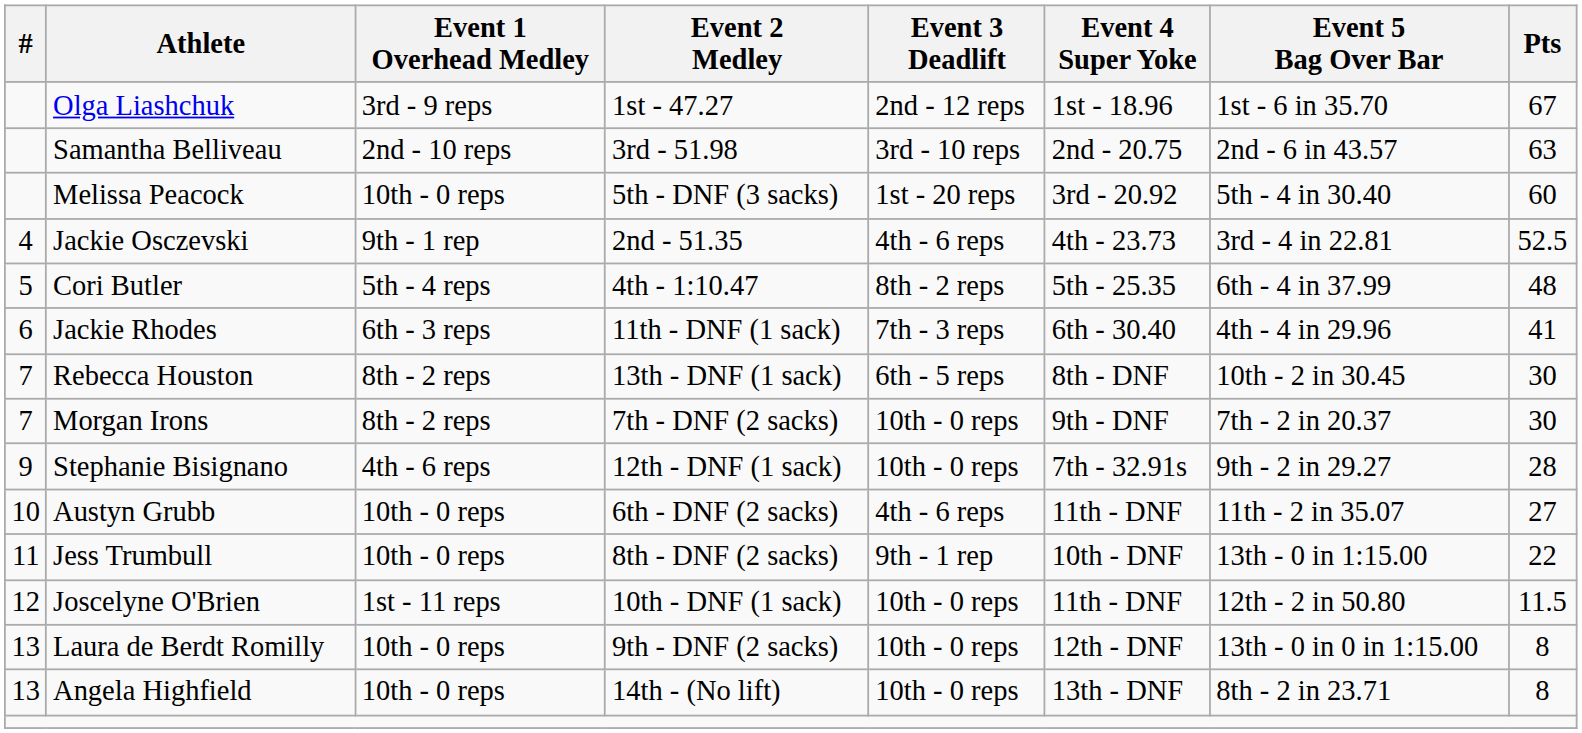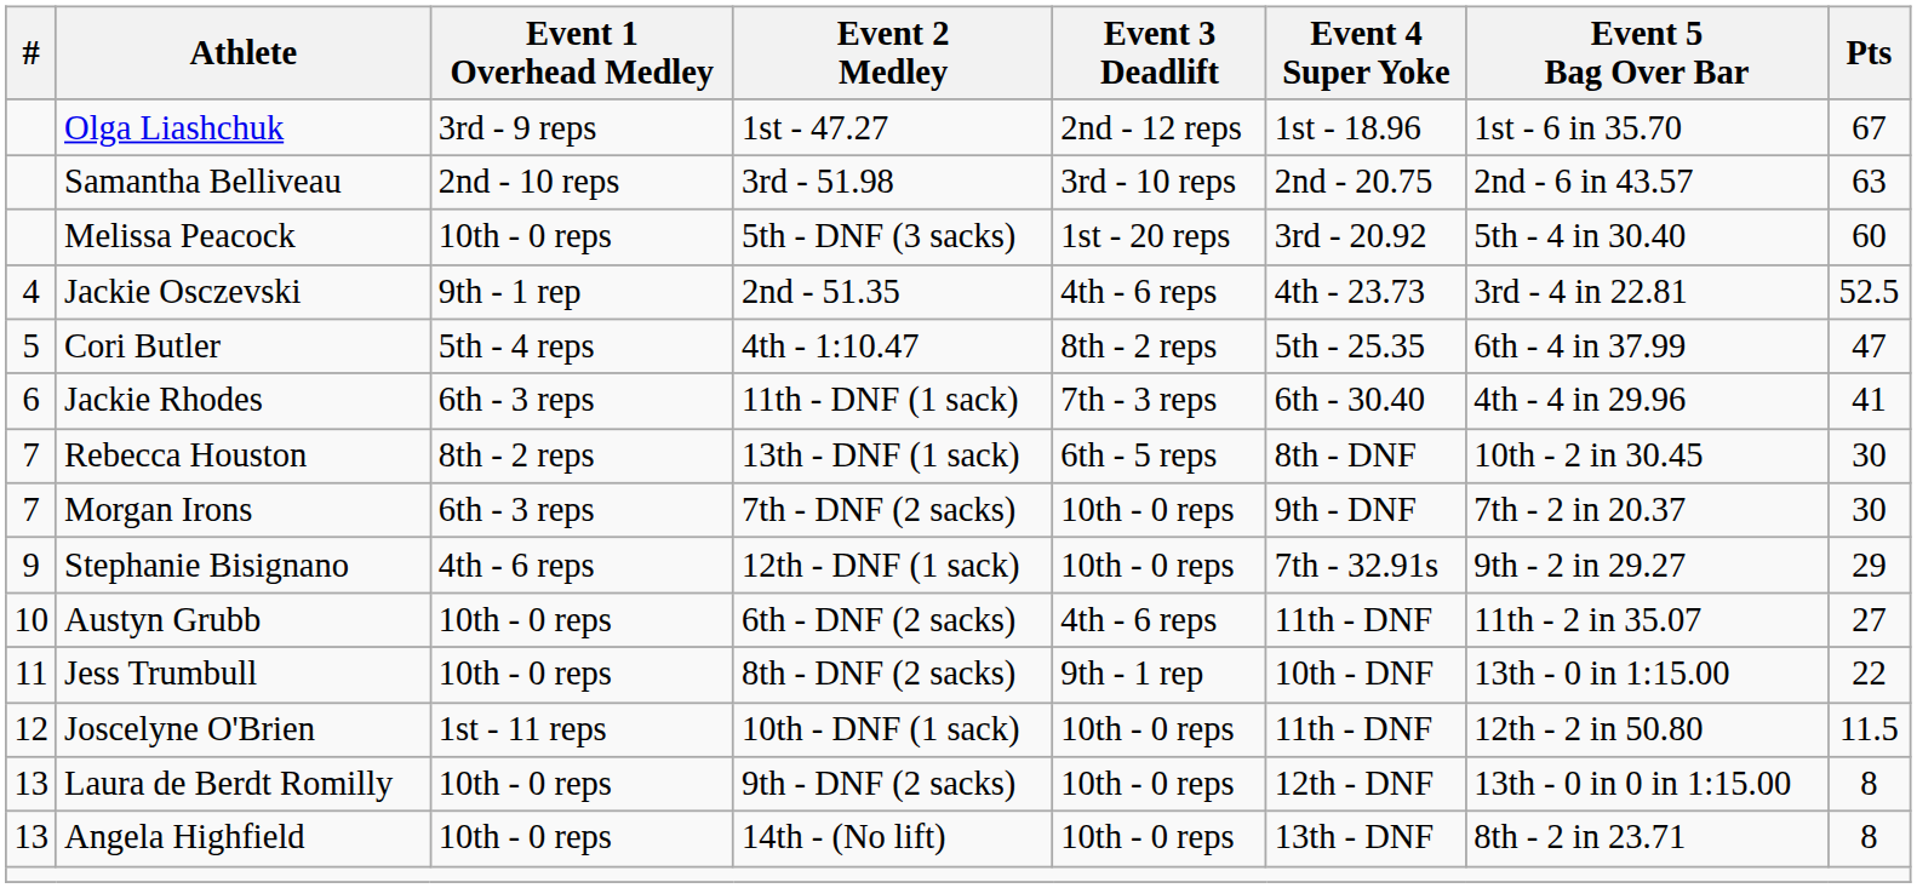 <table class="wikitable sortable" style="display: inline-table;width: 100%;">
 <tr>
 <th scope="col" style="width: 10px;">#</th>
 <th scope="col">Athlete</th>
 <th scope="col">Event 1<br>Overhead Medley</th>
 <th scope="col">Event 2<br>Medley</th>
 <th scope="col">Event 3<br>Deadlift</th>
 <th scope="col">Event 4<br>Super Yoke</th>
 <th scope="col">Event 5<br>Bag Over Bar</th>
 <th scope="col">Pts</th>
 </tr>
 <tr>
 <td align=center></td>
 <td> <a href='#'>Olga Liashchuk</a></td>
 <td>3rd - 9 reps</td>
 <td>1st - 47.27</td>
 <td>2nd - 12 reps</td>
 <td>1st - 18.96</td>
 <td>1st - 6 in 35.70</td>
 <td align=center>67</td>
 </tr>
 <tr>
 <td align=center></td>
 <td> Samantha Belliveau</td>
 <td>2nd - 10 reps</td>
 <td>3rd - 51.98</td>
 <td>3rd - 10 reps</td>
 <td>2nd - 20.75</td>
 <td>2nd - 6 in 43.57</td>
 <td align=center>63</td>
 </tr>
 <tr>
 <td align=center></td>
 <td> Melissa Peacock</td>
 <td>10th - 0 reps</td>
 <td>5th - DNF (3 sacks)</td>
 <td>1st - 20 reps</td>
 <td>3rd - 20.92</td>
 <td>5th - 4 in 30.40</td>
 <td align=center>60</td>
 </tr>
 <tr>
 <td align=center>4</td>
 <td> Jackie Osczevski</td>
 <td>9th - 1 rep</td>
 <td>2nd - 51.35</td>
 <td>4th - 6 reps</td>
 <td>4th - 23.73</td>
 <td>3rd - 4 in 22.81</td>
 <td align=center>52.5</td>
 </tr>
 <tr>
 <td align=center>5</td>
 <td> Cori Butler</td>
 <td>5th - 4 reps</td>
 <td>4th - 1:10.47</td>
 <td>8th - 2 reps</td>
 <td>5th - 25.35</td>
 <td>6th - 4 in 37.99</td>
-<td align=center>48</td>
+<td align=center>47</td>
 </tr>
 <tr>
 <td align=center>6</td>
 <td> Jackie Rhodes</td>
 <td>6th - 3 reps</td>
 <td>11th - DNF (1 sack)</td>
 <td>7th - 3 reps</td>
 <td>6th - 30.40</td>
 <td>4th - 4 in 29.96</td>
 <td align=center>41</td>
 </tr>
 <tr>
 <td align=center>7</td>
 <td>Rebecca Houston</td>
 <td>8th - 2 reps</td>
 <td>13th - DNF (1 sack)</td>
 <td>6th - 5 reps</td>
 <td>8th - DNF</td>
 <td>10th - 2 in 30.45</td>
 <td align=center>30</td>
 </tr>
 <tr>
 <td align=center>7</td>
 <td> Morgan Irons</td>
-<td>8th - 2 reps</td>
+<td>6th - 3 reps</td>
 <td>7th - DNF (2 sacks)</td>
 <td>10th - 0 reps</td>
 <td>9th - DNF</td>
 <td>7th - 2 in 20.37</td>
 <td align=center>30</td>
 </tr>
 <tr>
 <td align=center>9</td>
 <td> Stephanie Bisignano</td>
 <td>4th - 6 reps</td>
 <td>12th - DNF (1 sack)</td>
 <td>10th - 0 reps</td>
 <td>7th - 32.91s</td>
 <td>9th - 2 in 29.27</td>
-<td align=center>28</td>
+<td align=center>29</td>
 </tr>
 <tr>
 <td align=center>10</td>
 <td> Austyn Grubb</td>
 <td>10th - 0 reps</td>
 <td>6th - DNF (2 sacks)</td>
 <td>4th - 6 reps</td>
 <td>11th - DNF</td>
 <td>11th - 2 in 35.07</td>
 <td align=center>27</td>
 </tr>
 <tr>
 <td align=center>11</td>
 <td> Jess Trumbull</td>
 <td>10th - 0 reps</td>
 <td>8th - DNF (2 sacks)</td>
 <td>9th - 1 rep</td>
 <td>10th - DNF</td>
 <td>13th - 0 in 1:15.00</td>
 <td align=center>22</td>
 </tr>
 <tr>
 <td align=center>12</td>
 <td> Joscelyne O'Brien</td>
 <td>1st - 11 reps</td>
 <td>10th - DNF (1 sack)</td>
 <td>10th - 0 reps</td>
 <td>11th - DNF</td>
 <td>12th - 2 in 50.80</td>
 <td align=center>11.5</td>
 </tr>
 <tr>
 <td align=center>13</td>
 <td> Laura de Berdt Romilly</td>
 <td>10th - 0 reps</td>
 <td>9th - DNF (2 sacks)</td>
 <td>10th - 0 reps</td>
 <td>12th - DNF</td>
 <td>13th - 0 in 0 in 1:15.00</td>
 <td align=center>8</td>
 </tr>
 <tr>
 <td align=center>13</td>
 <td> Angela Highfield</td>
 <td>10th - 0 reps</td>
 <td>14th - (No lift)</td>
 <td>10th - 0 reps</td>
 <td>13th - DNF</td>
 <td>8th - 2 in 23.71</td>
 <td align=center>8</td>
 </tr>
 <tr class="sortbottom">
 <td colspan="8" align=center></td>
 </tr>
 </table>
